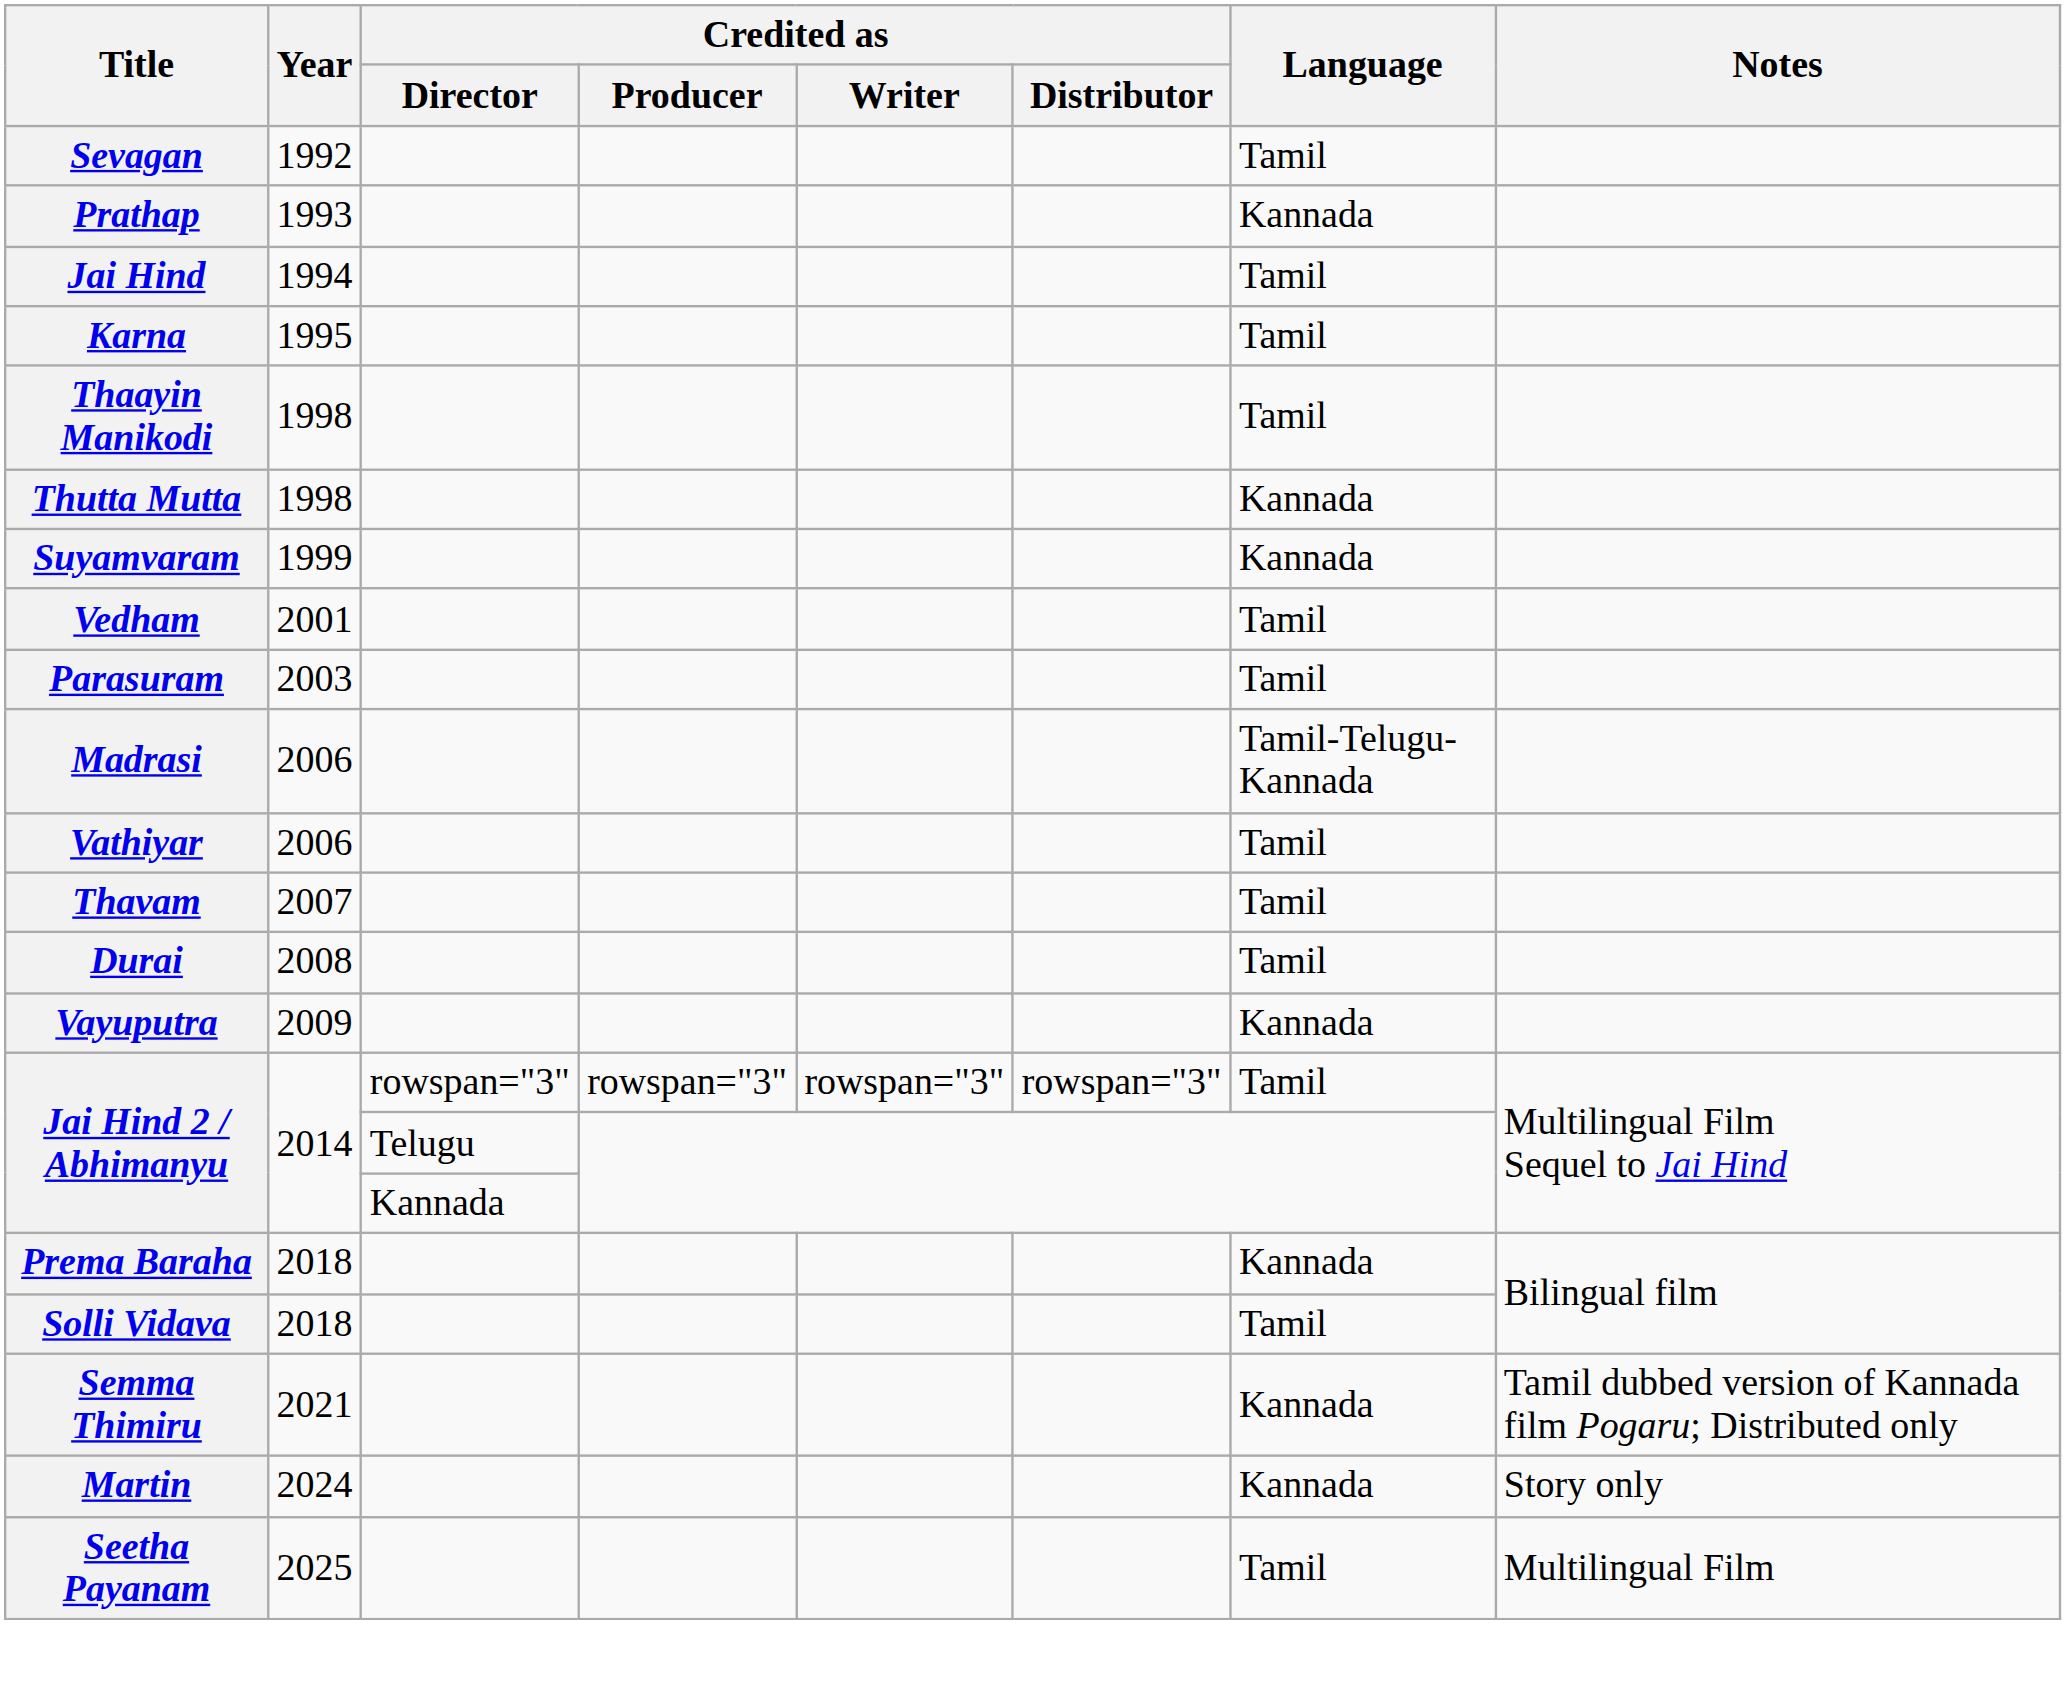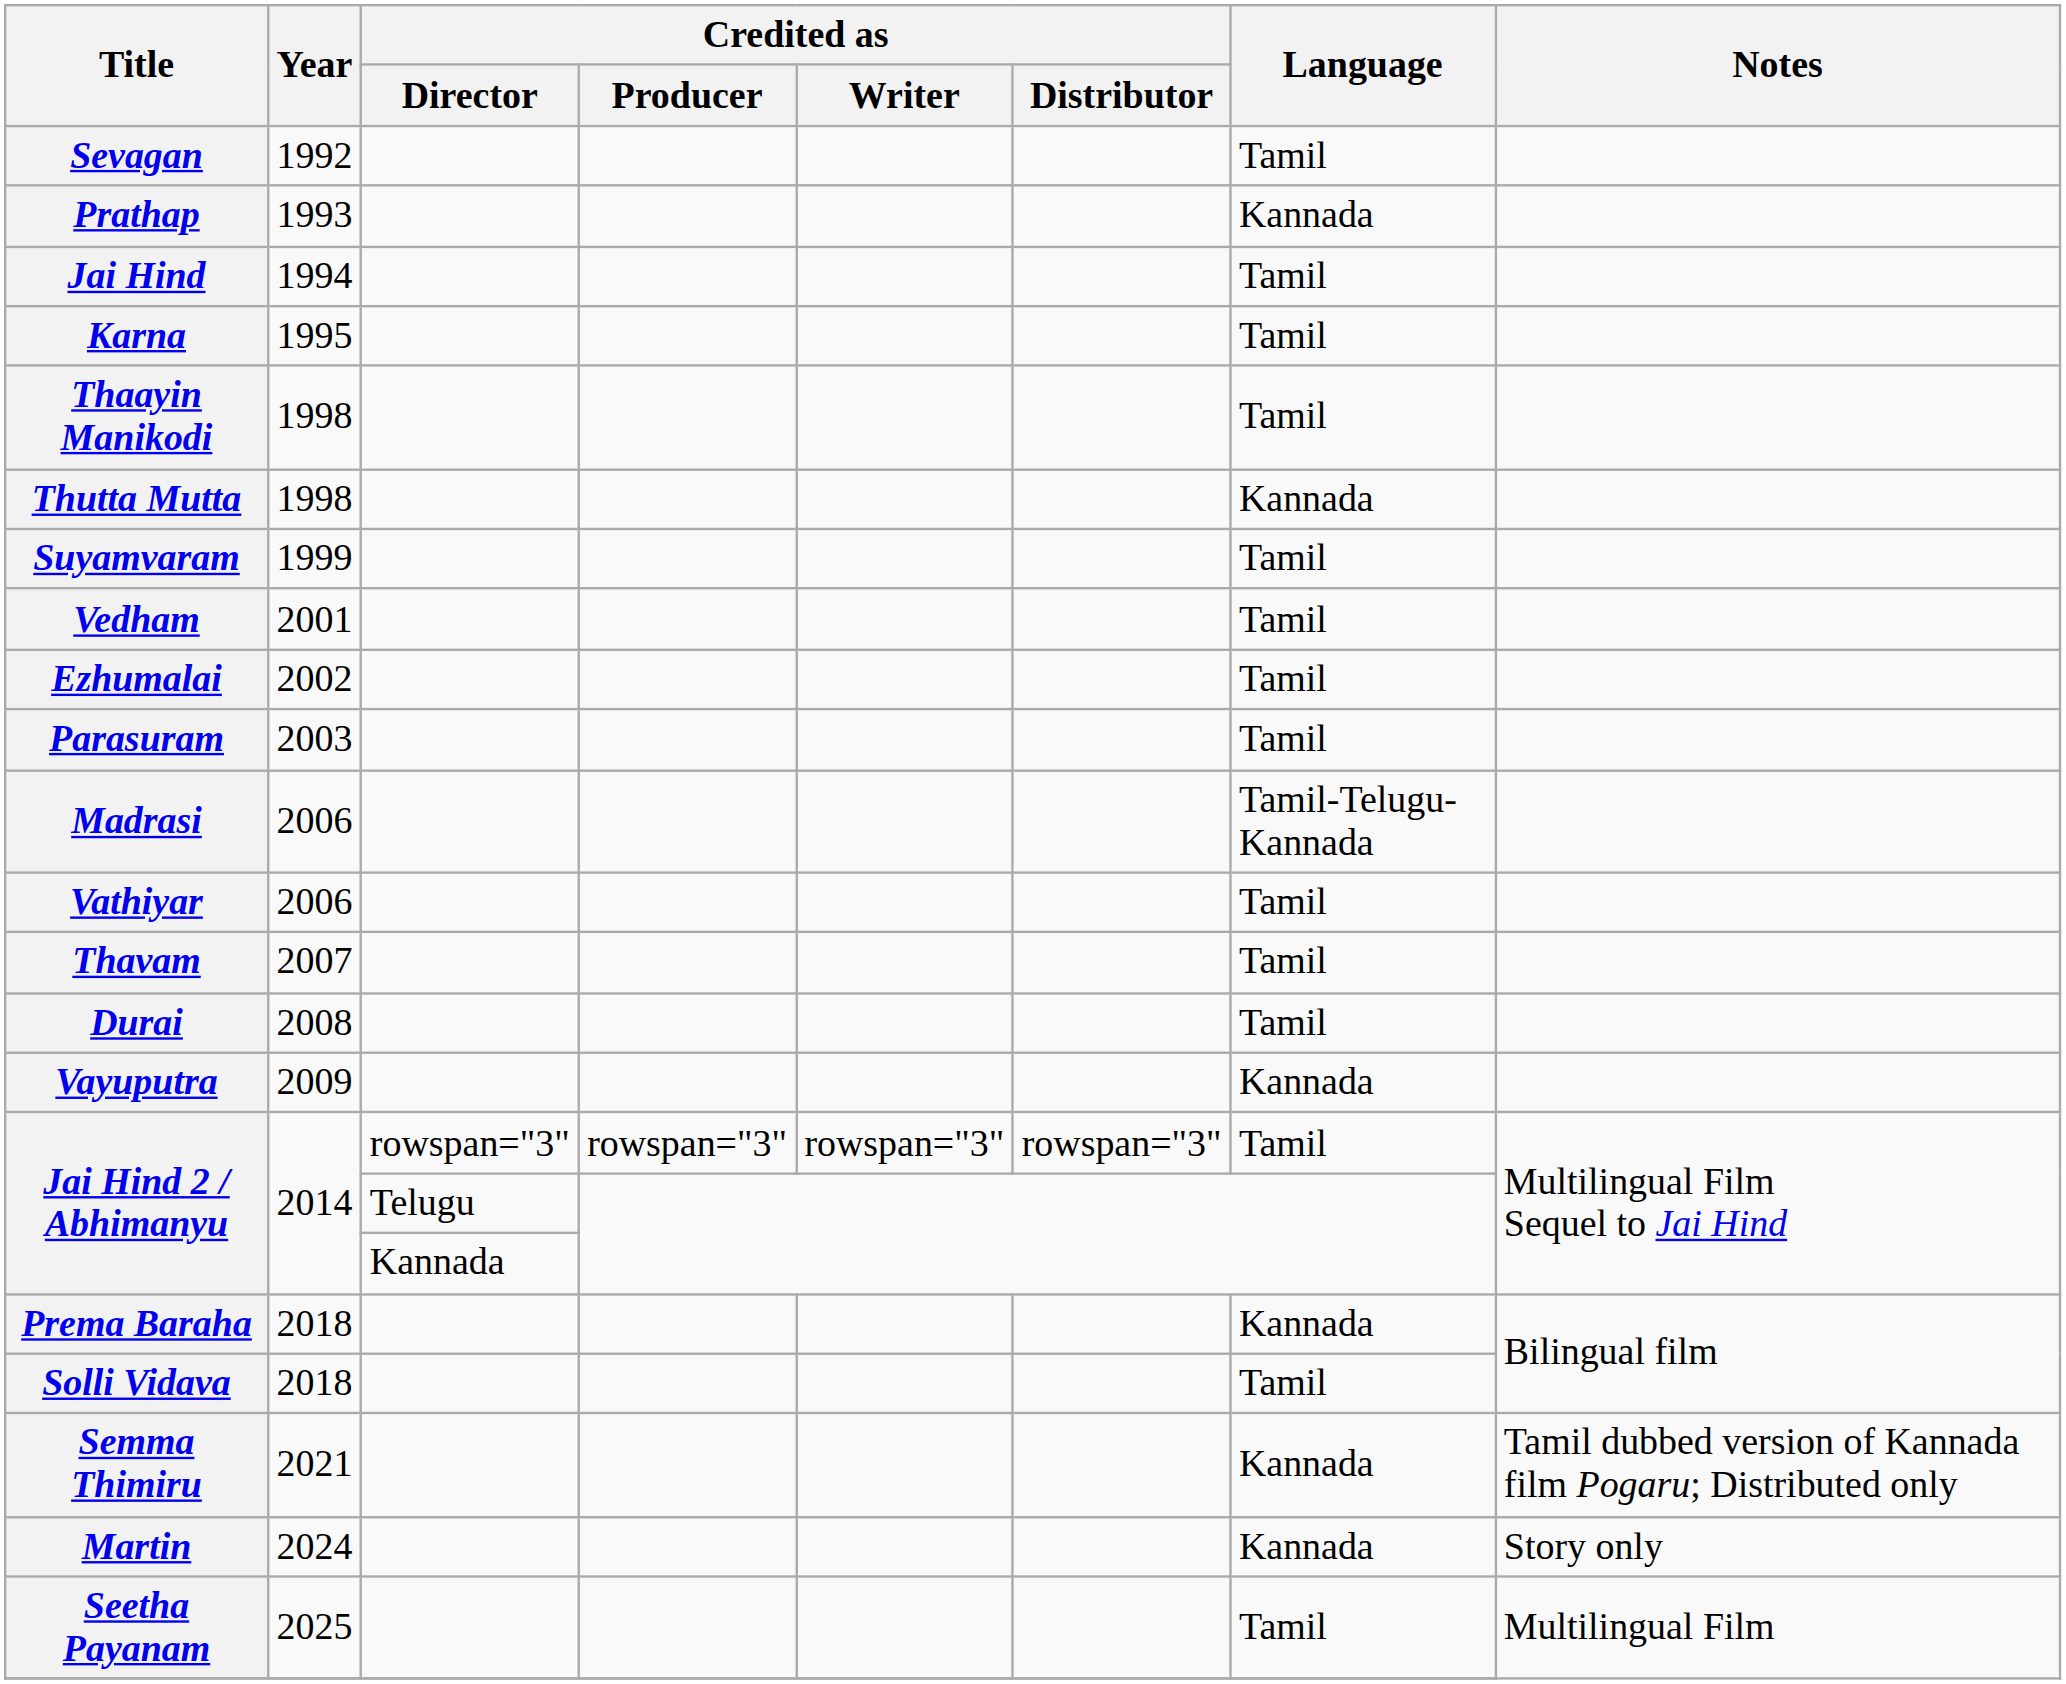 <table class="wikitable sortable plainrowheaders">
 <tr>
 <th rowspan="2">Title</th>
 <th rowspan="2">Year</th>
 <th colspan="4">Credited as</th>
 <th rowspan="2">Language</th>
 <th rowspan="2" class="unsortable">Notes</th>
 </tr>
 <tr>
 <th width="65">Director</th>
 <th width="65">Producer</th>
 <th width="65">Writer</th>
 <th width="65">Distributor</th>
 </tr>
 <tr>
 <th scope="row"><em><a href='#'>Sevagan</a></em></th>
 <td>1992</td>
 <td></td>
 <td></td>
 <td></td>
 <td></td>
 <td>Tamil</td>
 <td></td>
 </tr>
 <tr>
 <th scope="row"><em><a href='#'>Prathap</a></em></th>
 <td>1993</td>
 <td></td>
 <td></td>
 <td></td>
 <td></td>
 <td>Kannada</td>
 <td></td>
 </tr>
 <tr>
 <th scope="row"><em><a href='#'>Jai Hind</a></em></th>
 <td>1994</td>
 <td></td>
 <td></td>
 <td></td>
 <td></td>
 <td>Tamil</td>
 <td></td>
 </tr>
 <tr>
 <th scope="row"><em><a href='#'>Karna</a></em></th>
 <td>1995</td>
 <td></td>
 <td></td>
 <td></td>
 <td></td>
 <td>Tamil</td>
 <td></td>
 </tr>
 <tr>
 <th scope="row"><em><a href='#'>Thaayin Manikodi</a></em></th>
 <td>1998</td>
 <td></td>
 <td></td>
 <td></td>
 <td></td>
 <td>Tamil</td>
 <td></td>
 </tr>
 <tr>
 <th scope="row"><em><a href='#'>Thutta Mutta</a></em></th>
 <td>1998</td>
 <td></td>
 <td></td>
 <td></td>
 <td></td>
 <td>Kannada</td>
 <td></td>
 </tr>
 <tr>
 <th scope="row"><em><a href='#'>Suyamvaram</a></em></th>
 <td>1999</td>
 <td></td>
 <td></td>
 <td></td>
 <td></td>
-<td>Kannada</td>
+<td>Tamil</td>
 <td></td>
 </tr>
 <tr>
 <th scope="row"><em><a href='#'>Vedham</a></em></th>
 <td>2001</td>
+<td></td>
+<td></td>
+<td></td>
+<td></td>
+<td>Tamil</td>
+<td></td>
+</tr>
+<tr>
+<th scope="row"><em><a href='#'>Ezhumalai</a></em></th>
+<td>2002</td>
 <td></td>
 <td></td>
 <td></td>
 <td></td>
 <td>Tamil</td>
 <td></td>
 </tr>
 <tr>
 <th scope="row"><em><a href='#'>Parasuram</a></em></th>
 <td>2003</td>
 <td></td>
 <td></td>
 <td></td>
 <td></td>
 <td>Tamil</td>
 <td></td>
 </tr>
 <tr>
 <th scope="row"><em><a href='#'>Madrasi</a></em></th>
 <td>2006</td>
 <td></td>
 <td></td>
 <td></td>
 <td></td>
 <td>Tamil-Telugu-Kannada</td>
 <td></td>
 </tr>
 <tr>
 <th scope="row"><em><a href='#'>Vathiyar</a></em></th>
 <td>2006</td>
 <td></td>
 <td></td>
 <td></td>
 <td></td>
 <td>Tamil</td>
 <td></td>
 </tr>
 <tr>
 <th scope="row"><em><a href='#'>Thavam</a></em></th>
 <td>2007</td>
 <td></td>
 <td></td>
 <td></td>
 <td></td>
 <td>Tamil</td>
 <td></td>
 </tr>
 <tr>
 <th scope="row"><em><a href='#'>Durai</a></em></th>
 <td>2008</td>
 <td></td>
 <td></td>
 <td></td>
 <td></td>
 <td>Tamil</td>
 <td></td>
 </tr>
 <tr>
 <th scope="row"><em><a href='#'>Vayuputra</a></em></th>
 <td>2009</td>
 <td></td>
 <td></td>
 <td></td>
 <td></td>
 <td>Kannada</td>
 <td></td>
 </tr>
 <tr>
 <th rowspan="3" scope="row"><em><a href='#'>Jai Hind 2 / <br> Abhimanyu</a></em></th>
 <td rowspan="3">2014</td>
 <td>rowspan="3" </td>
 <td>rowspan="3" </td>
 <td>rowspan="3" </td>
 <td>rowspan="3" </td>
 <td>Tamil</td>
 <td rowspan="3">Multilingual Film<br>Sequel to <em><a href='#'>Jai Hind</a></em></td>
 </tr>
 <tr>
 <td>Telugu</td>
 </tr>
 <tr>
 <td>Kannada</td>
 </tr>
 <tr>
 <th scope="row"><em><a href='#'>Prema Baraha</a></em></th>
 <td>2018</td>
 <td></td>
 <td></td>
 <td></td>
 <td></td>
 <td>Kannada</td>
 <td rowspan="2">Bilingual film</td>
 </tr>
 <tr>
 <th scope="row"><em><a href='#'>Solli Vidava</a></em></th>
 <td>2018</td>
 <td></td>
 <td></td>
 <td></td>
 <td></td>
 <td>Tamil</td>
 </tr>
 <tr>
 <th scope="row"><em><a href='#'>Semma Thimiru</a></em></th>
 <td>2021</td>
 <td></td>
 <td></td>
 <td></td>
 <td></td>
 <td>Kannada</td>
 <td>Tamil dubbed version of Kannada film <em>Pogaru</em>; Distributed only</td>
 </tr>
 <tr>
 <th scope="row"><em><a href='#'>Martin</a></em></th>
 <td>2024</td>
 <td></td>
 <td></td>
 <td></td>
 <td></td>
 <td>Kannada</td>
 <td>Story only</td>
 </tr>
 <tr>
 <th scope="row"><em><a href='#'>Seetha Payanam</a></em></th>
 <td>2025</td>
 <td></td>
 <td></td>
 <td></td>
 <td></td>
 <td>Tamil</td>
 <td rowspan="3">Multilingual Film</td>
 </tr>
 <tr>
 </tr>
 </table>
